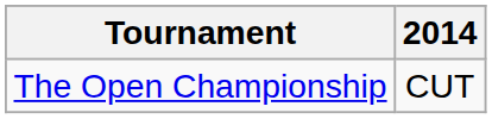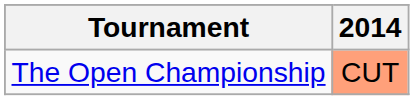 <table class="wikitable" style="font-size:95%;text-align:center;">
 <tr>
 <th>Tournament</th>
 <th>2014</th>
 </tr>
 <tr>
 <td align=left><a href='#'>The Open Championship</a></td>
-<td>CUT</td>
+<td style="background: lightsalmon;">CUT</td>
 </tr>
 </table>
